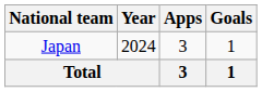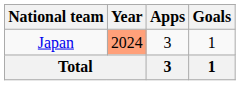 <table class="wikitable" style="text-align:center">
 <tr>
 <th>National team</th>
 <th>Year</th>
 <th>Apps</th>
 <th>Goals</th>
 </tr>
 <tr>
 <td rowspan="1"><a href='#'>Japan</a></td>
-<td>2024</td>
+<td style="background: lightsalmon;">2024</td>
 <td>3</td>
 <td>1</td>
 </tr>
 <tr>
 <th colspan="2">Total</th>
 <th>3</th>
 <th>1</th>
 </tr>
 </table>
